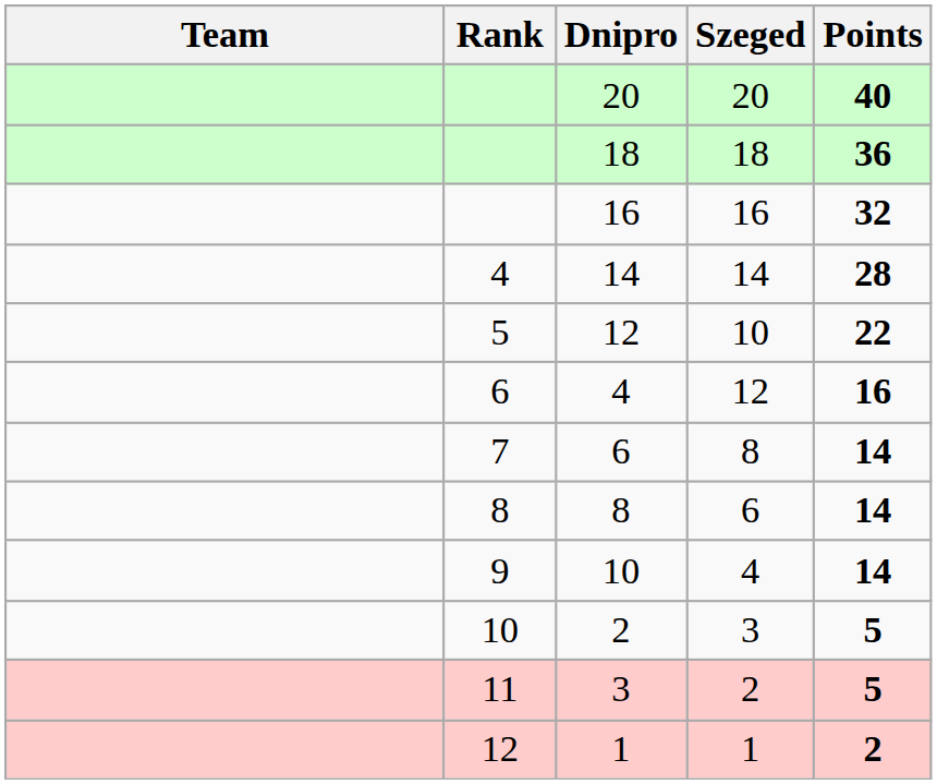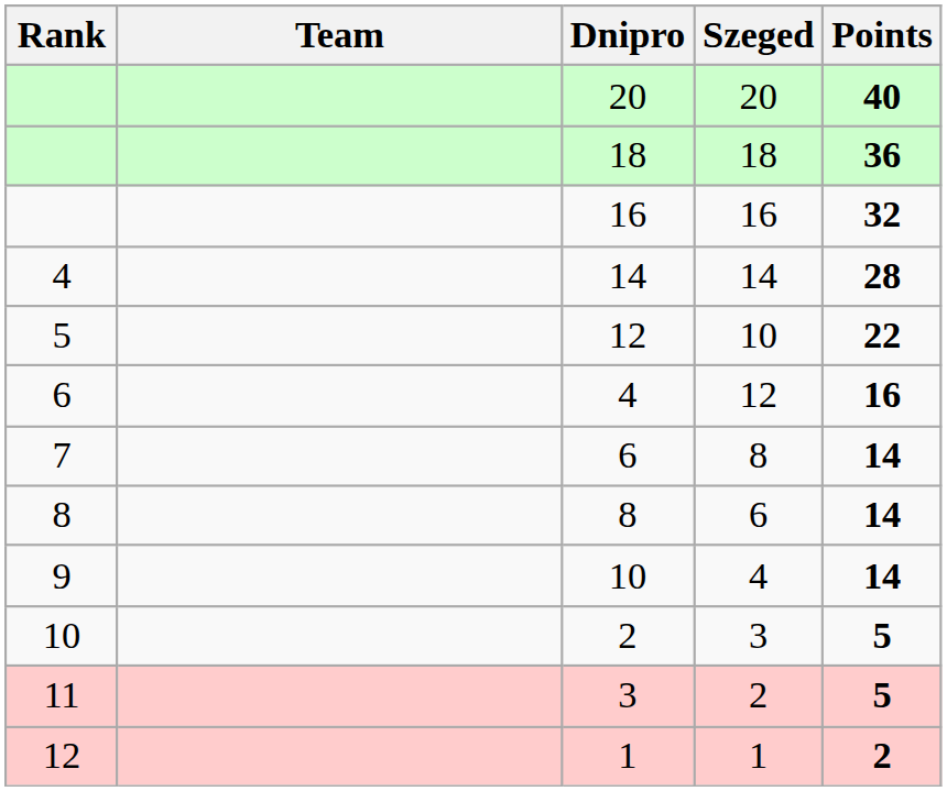 <table class="wikitable" style="text-align: center;">
 <tr>
+<th width=40>Rank</th>
 <th width=180>Team</th>
-<th width=40>Rank</th>
 <th width=40>Dnipro</th>
 <th width=40>Szeged</th>
 <th width=40>Points</th>
 </tr>
 <tr bgcolor=ccffcc>
+<td></td>
 <td align=left></td>
-<td></td>
 <td>20</td>
 <td>20</td>
 <td><strong>40</strong></td>
 </tr>
 <tr bgcolor=ccffcc>
+<td></td>
 <td align=left></td>
-<td></td>
 <td>18</td>
 <td>18</td>
 <td><strong>36</strong></td>
 </tr>
 <tr>
+<td></td>
 <td align=left></td>
-<td></td>
 <td>16</td>
 <td>16</td>
 <td><strong>32</strong></td>
 </tr>
 <tr>
+<td>4</td>
 <td align=left></td>
-<td>4</td>
 <td>14</td>
 <td>14</td>
 <td><strong>28</strong></td>
 </tr>
 <tr>
+<td>5</td>
 <td align=left></td>
-<td>5</td>
 <td>12</td>
 <td>10</td>
 <td><strong>22</strong></td>
 </tr>
 <tr>
+<td>6</td>
 <td align=left></td>
-<td>6</td>
 <td>4</td>
 <td>12</td>
 <td><strong>16</strong></td>
 </tr>
 <tr>
+<td>7</td>
 <td align=left></td>
-<td>7</td>
 <td>6</td>
 <td>8</td>
 <td><strong>14</strong></td>
 </tr>
 <tr>
+<td>8</td>
 <td align=left></td>
-<td>8</td>
 <td>8</td>
 <td>6</td>
 <td><strong>14</strong></td>
 </tr>
 <tr>
+<td>9</td>
 <td align=left></td>
-<td>9</td>
 <td>10</td>
 <td>4</td>
 <td><strong>14</strong></td>
 </tr>
 <tr>
+<td>10</td>
 <td align=left></td>
-<td>10</td>
 <td>2</td>
 <td>3</td>
 <td><strong>5</strong></td>
 </tr>
 <tr bgcolor=ffcccc>
+<td>11</td>
 <td align=left></td>
-<td>11</td>
 <td>3</td>
 <td>2</td>
 <td><strong>5</strong></td>
 </tr>
 <tr bgcolor=ffcccc>
+<td>12</td>
 <td align=left></td>
-<td>12</td>
 <td>1</td>
 <td>1</td>
 <td><strong>2</strong></td>
 </tr>
 </table>
